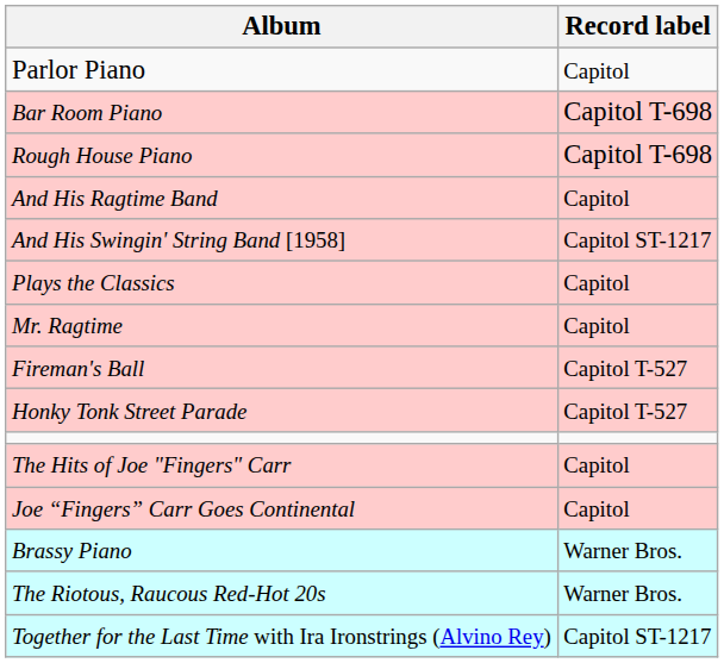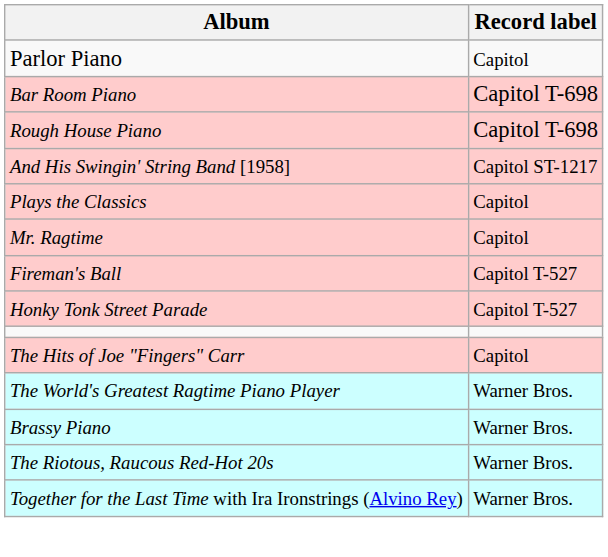 <table class="wikitable">
 <tr>
 <th>Album</th>
 <th>Record label</th>
 </tr>
 <tr>
 <td>Parlor Piano</td>
 <td><small> Capitol</small></td>
 </tr>
 <tr bgcolor="#FFCCCC">
 <td><small><em>Bar Room Piano</em></small></td>
 <td>Capitol T-698</td>
 </tr>
 <tr bgcolor="#FFCCCC">
 <td><small><em>Rough House Piano</em></small></td>
 <td>Capitol T-698</td>
-</tr>
-<tr bgcolor="#FFCCCC">
-<td><small><em>And His Ragtime Band</em></small></td>
-<td><small> Capitol</small></td>
 </tr>
 <tr bgcolor="#FFCCCC">
 <td><small><em>And His Swingin' String Band</em> [1958]</small></td>
 <td><small> Capitol ST-1217</small></td>
 </tr>
 <tr bgcolor="#FFCCCC">
 <td><small><em>Plays the Classics</em></small></td>
 <td><small> Capitol</small></td>
 </tr>
 <tr bgcolor="#FFCCCC">
 <td><small><em>Mr. Ragtime</em></small></td>
 <td><small> Capitol</small></td>
 </tr>
 <tr bgcolor="#FFCCCC">
 <td><small><em>Fireman's Ball</em></small></td>
 <td><small> Capitol T-527</small></td>
 </tr>
 <tr bgcolor="#FFCCCC">
 <td><small><em>Honky Tonk Street Parade</em></small></td>
 <td><small> Capitol T-527</small></td>
 </tr>
 <tr>
 <td></td>
 </tr>
 <tr bgcolor="#FFCCCC">
 <td><small><em>The Hits of Joe "Fingers" Carr</em></small></td>
 <td><small> Capitol</small></td>
 </tr>
-<tr bgcolor="#FFCCCC">
-<td><small><em>Joe “Fingers” Carr Goes Continental</em> </small></td>
-<td><small> Capitol</small></td>
+<tr bgcolor="#CCFFFF">
+<td><small><em>The World's Greatest Ragtime Piano Player</em></small></td>
+<td><small> Warner Bros.</small></td>
 </tr>
 <tr bgcolor="#CCFFFF">
 <td><small><em>Brassy Piano</em></small></td>
 <td><small> Warner Bros.</small></td>
 </tr>
 <tr bgcolor="#CCFFFF">
 <td><small><em>The Riotous, Raucous Red-Hot 20s</em></small></td>
 <td><small> Warner Bros.</small></td>
 </tr>
 <tr bgcolor="#CCFFFF">
 <td><small><em>Together for the Last Time</em> with Ira Ironstrings (<a href='#'>Alvino Rey</a>)</small></td>
-<td><small> Capitol ST-1217</small></td>
+<td><small> Warner Bros.</small></td>
 </tr>
 </table>
